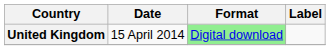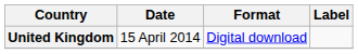 <table class="wikitable plainrowheaders">
 <tr>
 <th scope="col">Country</th>
 <th scope="col">Date</th>
 <th scope="col">Format</th>
 <th scope="col">Label</th>
 </tr>
 <tr>
 <th scope="row">United Kingdom</th>
 <td>15 April 2014</td>
-<td style="background: lightgreen;"><a href='#'>Digital download</a></td>
+<td><a href='#'>Digital download</a></td>
 <td></td>
 </tr>
 <tr>
 </tr>
 </table>
